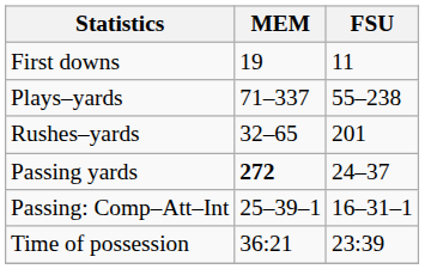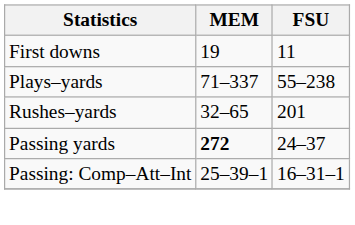 <table class="wikitable" style="float: left;">
 <tr>
 <th>Statistics</th>
 <th>MEM</th>
 <th>FSU</th>
 </tr>
 <tr>
 <td>First downs</td>
 <td>19</td>
 <td>11</td>
 </tr>
 <tr>
 <td>Plays–yards</td>
 <td>71–337</td>
 <td>55–238</td>
 </tr>
 <tr>
 <td>Rushes–yards</td>
 <td>32–65</td>
 <td>201</td>
 </tr>
 <tr>
 <td>Passing yards</td>
 <td><strong>272</strong></td>
 <td>24–37</td>
 </tr>
 <tr>
 <td>Passing: Comp–Att–Int</td>
 <td>25–39–1</td>
 <td>16–31–1</td>
 </tr>
 <tr>
-<td>Time of possession</td>
-<td>36:21</td>
-<td>23:39</td>
-</tr>
-<tr>
 </tr>
 </table>
